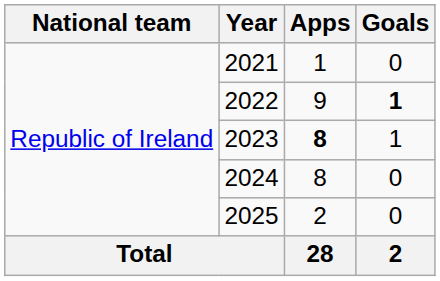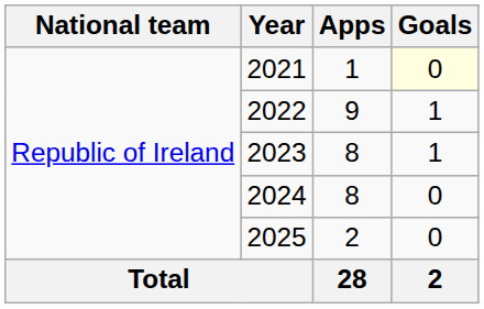 <table class="wikitable" style="text-align:center">
 <tr>
 <th>National team</th>
 <th>Year</th>
 <th>Apps</th>
 <th>Goals</th>
 </tr>
 <tr>
 <td rowspan="5"><a href='#'>Republic of Ireland</a></td>
 <td>2021</td>
 <td>1</td>
-<td>0</td>
+<td style="background: lightyellow;">0</td>
 </tr>
 <tr>
 <td>2022</td>
 <td>9</td>
-<td><strong>1</strong></td>
+<td>1</td>
 </tr>
 <tr>
 <td>2023</td>
-<td><strong>8</strong></td>
+<td>8</td>
 <td>1</td>
 </tr>
 <tr>
 <td>2024</td>
 <td>8</td>
 <td>0</td>
 </tr>
 <tr>
 <td>2025</td>
 <td>2</td>
 <td>0</td>
 </tr>
 <tr>
 <th colspan="2">Total</th>
 <th>28</th>
 <th>2</th>
 </tr>
 </table>
